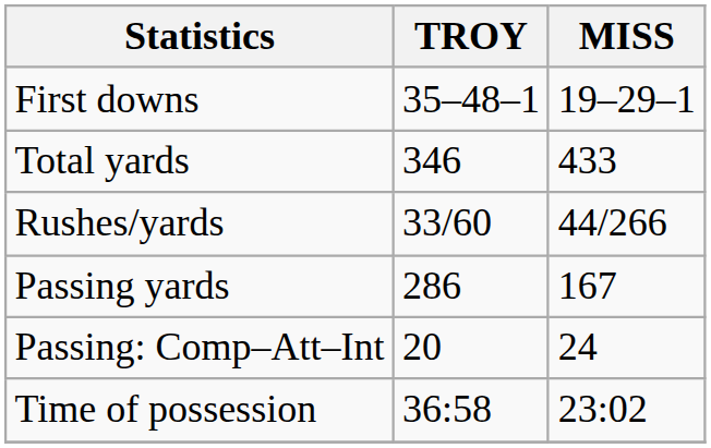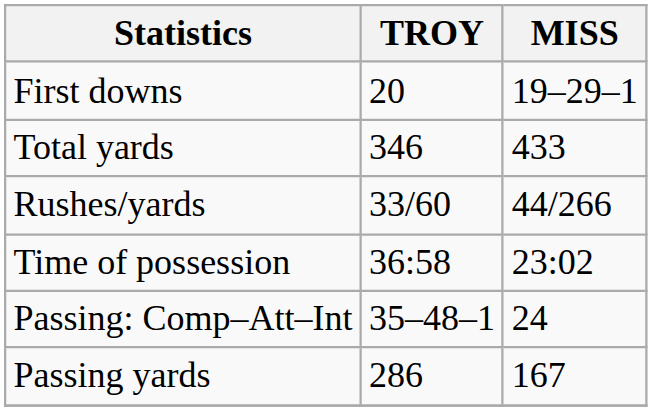 <table class="wikitable" style="float: left;">
 <tr>
 <th>Statistics</th>
 <th>TROY</th>
 <th>MISS</th>
 </tr>
 <tr>
 <td>First downs</td>
-<td>35–48–1</td>
+<td>20</td>
 <td>19–29–1</td>
 </tr>
 <tr>
 <td>Total yards</td>
 <td>346</td>
 <td>433</td>
 </tr>
 <tr>
 <td>Rushes/yards</td>
 <td>33/60</td>
 <td>44/266</td>
 </tr>
 <tr>
+<td>Time of possession</td>
+<td>36:58</td>
+<td>23:02</td>
+</tr>
+<tr>
+<td>Passing: Comp–Att–Int</td>
+<td>35–48–1</td>
+<td>24</td>
+</tr>
+<tr>
 <td>Passing yards</td>
 <td>286</td>
 <td>167</td>
 </tr>
 <tr>
-<td>Passing: Comp–Att–Int</td>
-<td>20</td>
-<td>24</td>
-</tr>
-<tr>
-<td>Time of possession</td>
-<td>36:58</td>
-<td>23:02</td>
-</tr>
-<tr>
 </tr>
 </table>
